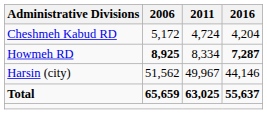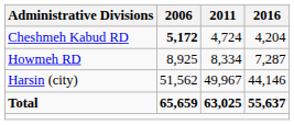 <table class="wikitable">
 <tr>
 <th>Administrative Divisions</th>
 <th>2006</th>
 <th>2011</th>
 <th>2016</th>
 </tr>
 <tr>
 <td><a href='#'>Cheshmeh Kabud RD</a></td>
-<td style="text-align: right;">5,172</td>
+<td style="text-align: right;"><strong>5,172</strong></td>
 <td style="text-align: right;">4,724</td>
 <td style="text-align: right;">4,204</td>
 </tr>
 <tr>
 <td><a href='#'>Howmeh RD</a></td>
-<td style="text-align: right;"><strong>8,925</strong></td>
+<td style="text-align: right;">8,925</td>
 <td style="text-align: right;">8,334</td>
-<td style="text-align: right;"><strong>7,287</strong></td>
+<td style="text-align: right;">7,287</td>
 </tr>
 <tr>
 <td><a href='#'>Harsin</a> (city)</td>
 <td style="text-align: right;">51,562</td>
 <td style="text-align: right;">49,967</td>
 <td style="text-align: right;">44,146</td>
 </tr>
 <tr>
 <td><strong>Total</strong></td>
 <td style="text-align: right;"><strong>65,659</strong></td>
 <td style="text-align: right;"><strong>63,025</strong></td>
 <td style="text-align: right;"><strong>55,637</strong></td>
 </tr>
 <tr>
 <td colspan=4></td>
 </tr>
 </table>
